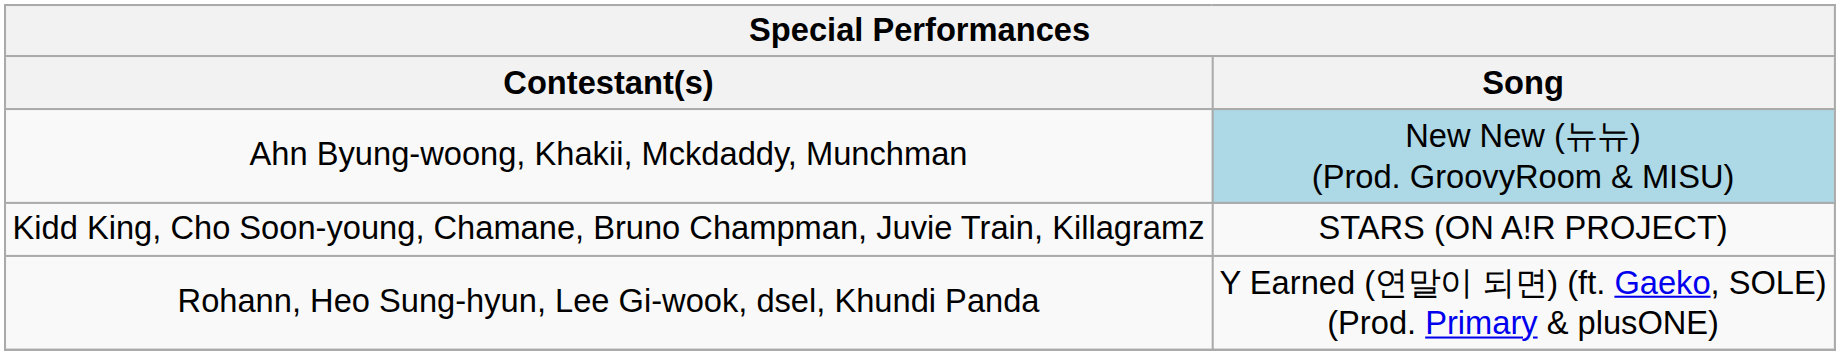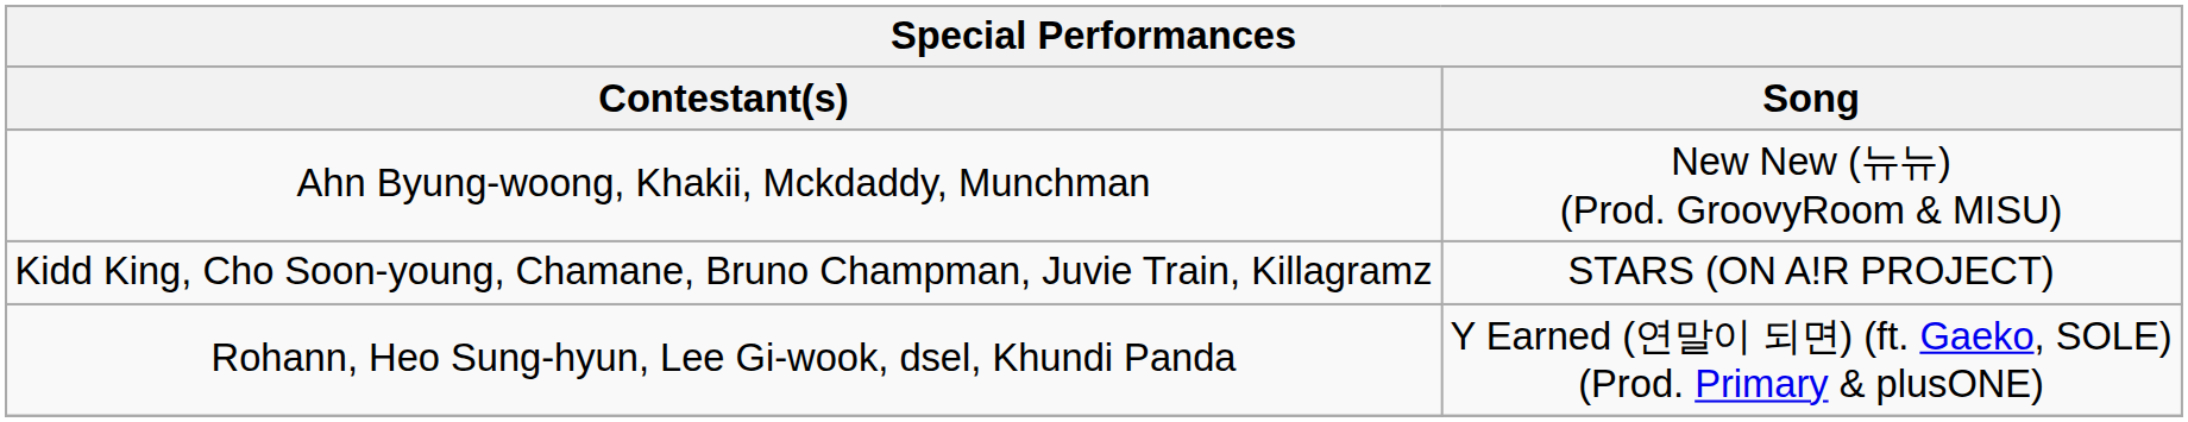 <table class="wikitable" style="text-align:center" border="2">
 <tr>
 <th colspan="7">Special Performances</th>
 </tr>
 <tr>
 <th>Contestant(s)</th>
 <th>Song</th>
 </tr>
 <tr>
 <td>Ahn Byung-woong, Khakii, Mckdaddy, Munchman</td>
-<td style="background: lightblue;">New New (뉴뉴) <br> (Prod. GroovyRoom & MISU)</td>
+<td>New New (뉴뉴) <br> (Prod. GroovyRoom & MISU)</td>
 </tr>
 <tr>
 <td>Kidd King, Cho Soon-young, Chamane, Bruno Champman, Juvie Train, Killagramz</td>
 <td>STARS (ON A!R PROJECT)</td>
 </tr>
 <tr>
 <td>Rohann, Heo Sung-hyun, Lee Gi-wook, dsel, Khundi Panda</td>
 <td>Y Earned (연말이 되면) (ft. <a href='#'>Gaeko</a>, SOLE) <br>(Prod. <a href='#'>Primary</a> & plusONE)</td>
 </tr>
 <tr>
 </tr>
 </table>
